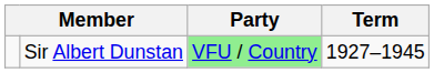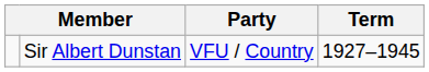 <table class="wikitable">
 <tr>
 <th colspan="2">Member</th>
 <th>Party</th>
 <th>Term</th>
 </tr>
 <tr>
 <td> </td>
 <td>Sir <a href='#'>Albert Dunstan</a></td>
-<td style="background: lightgreen;"><a href='#'>VFU</a> / <a href='#'>Country</a></td>
+<td><a href='#'>VFU</a> / <a href='#'>Country</a></td>
 <td>1927–1945</td>
 </tr>
 </table>
